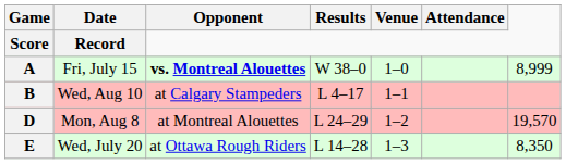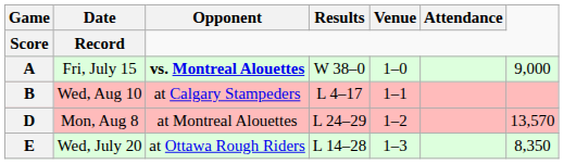 <table class="wikitable" style="text-align:center">
 <tr>
 <th>Game</th>
 <th>Date</th>
 <th>Opponent</th>
 <th>Results</th>
 <th>Venue</th>
 <th>Attendance</th>
 </tr>
 <tr>
 <th>Score</th>
 <th>Record</th>
 </tr>
 <tr style="background:#ddffdd">
 <th>A</th>
 <td>Fri, July 15</td>
 <td><strong>vs. <a href='#'>Montreal Alouettes</a></strong></td>
 <td>W 38–0</td>
 <td>1–0</td>
 <td></td>
-<td>8,999</td>
+<td>9,000</td>
 </tr>
 <tr style="background:#ffbbbb">
 <th>B</th>
 <td>Wed, Aug 10</td>
 <td>at <a href='#'>Calgary Stampeders</a></td>
 <td>L 4–17</td>
 <td>1–1</td>
 <td></td>
 <td></td>
 </tr>
 <tr style="background:#ffbbbb">
 <th>D</th>
 <td>Mon, Aug 8</td>
 <td>at Montreal Alouettes</td>
 <td>L 24–29</td>
 <td>1–2</td>
 <td></td>
-<td>19,570</td>
+<td>13,570</td>
 </tr>
 <tr style="background:#ddffdd">
 <th>E</th>
 <td>Wed, July 20</td>
 <td>at <a href='#'>Ottawa Rough Riders</a></td>
 <td>L 14–28</td>
 <td>1–3</td>
 <td></td>
 <td>8,350</td>
 </tr>
 </table>
